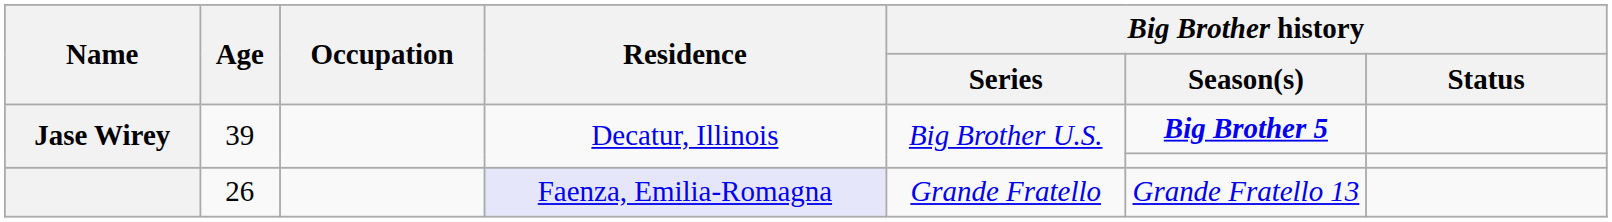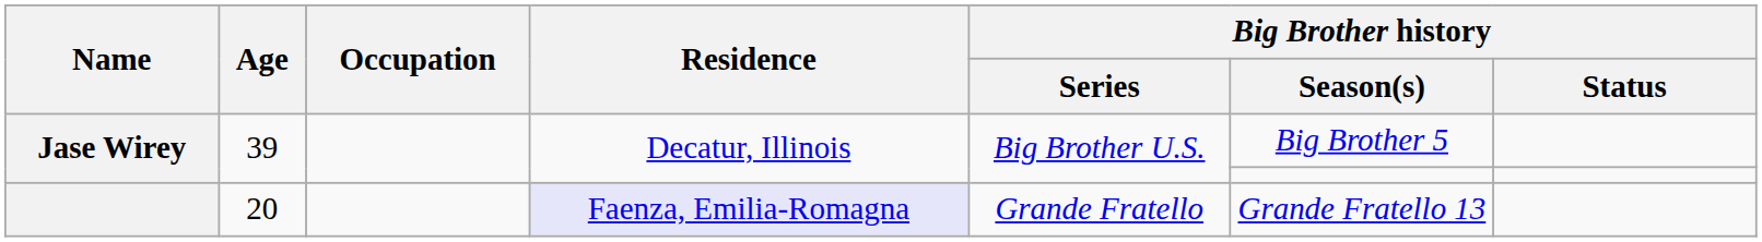 <table class="wikitable sortable" style="text-align:center; line-height:20px; width:auto;">
 <tr>
 <th rowspan="2" style="text-align:center">Name</th>
 <th rowspan="2" style="text-align:center">Age</th>
 <th rowspan="2" style="text-align:center">Occupation</th>
 <th rowspan="2" style="text-align:center">Residence</th>
 <th colspan="3" style="text-align:center"><em>Big Brother</em> history</th>
 </tr>
 <tr>
 <th style="text-align:center; width:15%;">Series</th>
 <th style="text-align:center; width:15%;">Season(s)</th>
 <th style="text-align:center; width:15%;">Status</th>
 </tr>
 <tr>
 <th rowspan=2>Jase Wirey</th>
 <td rowspan=2>39</td>
 <td rowspan=2></td>
 <td rowspan=2><a href='#'>Decatur, Illinois</a></td>
 <td rowspan=2><em><a href='#'>Big Brother U.S.</a></em></td>
-<td style="text-align:center"><strong><em><a href='#'>Big Brother 5</a></em></strong></td>
+<td style="text-align:center"><em><a href='#'>Big Brother 5</a></em></td>
 <td></td>
 </tr>
 <tr>
 <td style="text-align:center"><em><a href='#'></a></em></td>
 <td></td>
 </tr>
 <tr>
 <th></th>
-<td>26</td>
+<td>20</td>
 <td></td>
 <td style="background: lavender;"><a href='#'>Faenza, Emilia-Romagna</a></td>
 <td><em><a href='#'>Grande Fratello</a></em></td>
 <td style="text-align:center"><em><a href='#'>Grande Fratello 13</a></em></td>
 <td></td>
 </tr>
 </table>
